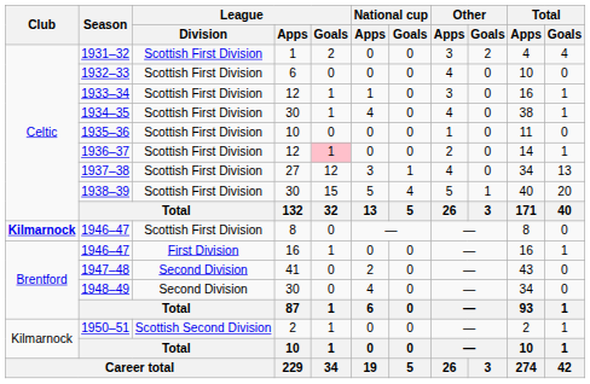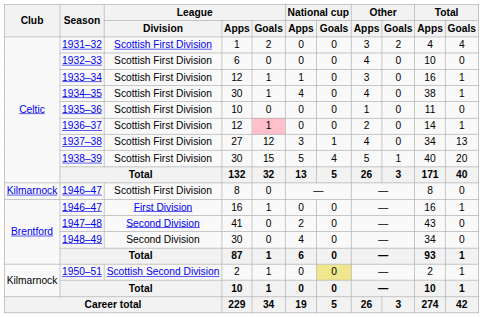 <table class="wikitable" style="text-align: center;">
 <tr>
 <th rowspan="2">Club</th>
 <th rowspan="2">Season</th>
 <th colspan="3">League</th>
 <th colspan="2">National cup</th>
 <th colspan="2">Other</th>
 <th colspan="2">Total</th>
 </tr>
 <tr>
 <th>Division</th>
 <th>Apps</th>
 <th>Goals</th>
 <th>Apps</th>
 <th>Goals</th>
 <th>Apps</th>
 <th>Goals</th>
 <th>Apps</th>
 <th>Goals</th>
 </tr>
 <tr>
 <td rowspan="9"><a href='#'>Celtic</a></td>
 <td><a href='#'>1931–32</a></td>
 <td><a href='#'>Scottish First Division</a></td>
 <td>1</td>
 <td>2</td>
 <td>0</td>
 <td>0</td>
 <td>3</td>
 <td>2</td>
 <td>4</td>
 <td>4</td>
 </tr>
 <tr>
 <td><a href='#'>1932–33</a></td>
 <td>Scottish First Division</td>
 <td>6</td>
 <td>0</td>
 <td>0</td>
 <td>0</td>
 <td>4</td>
 <td>0</td>
 <td>10</td>
 <td>0</td>
 </tr>
 <tr>
 <td><a href='#'>1933–34</a></td>
 <td>Scottish First Division</td>
 <td>12</td>
 <td>1</td>
 <td>1</td>
 <td>0</td>
 <td>3</td>
 <td>0</td>
 <td>16</td>
 <td>1</td>
 </tr>
 <tr>
 <td><a href='#'>1934–35</a></td>
 <td>Scottish First Division</td>
 <td>30</td>
 <td>1</td>
 <td>4</td>
 <td>0</td>
 <td>4</td>
 <td>0</td>
 <td>38</td>
 <td>1</td>
 </tr>
 <tr>
 <td><a href='#'>1935–36</a></td>
 <td>Scottish First Division</td>
 <td>10</td>
 <td>0</td>
 <td>0</td>
 <td>0</td>
 <td>1</td>
 <td>0</td>
 <td>11</td>
 <td>0</td>
 </tr>
 <tr>
 <td><a href='#'>1936–37</a></td>
 <td>Scottish First Division</td>
 <td>12</td>
 <td style="background: pink;">1</td>
 <td>0</td>
 <td>0</td>
 <td>2</td>
 <td>0</td>
 <td>14</td>
 <td>1</td>
 </tr>
 <tr>
 <td><a href='#'>1937–38</a></td>
 <td>Scottish First Division</td>
 <td>27</td>
 <td>12</td>
 <td>3</td>
 <td>1</td>
 <td>4</td>
 <td>0</td>
 <td>34</td>
 <td>13</td>
 </tr>
 <tr>
 <td><a href='#'>1938–39</a></td>
 <td>Scottish First Division</td>
 <td>30</td>
 <td>15</td>
 <td>5</td>
 <td>4</td>
 <td>5</td>
 <td>1</td>
 <td>40</td>
 <td>20</td>
 </tr>
 <tr>
 <th colspan="2">Total</th>
 <th>132</th>
 <th>32</th>
 <th>13</th>
 <th>5</th>
 <th>26</th>
 <th>3</th>
 <th>171</th>
 <th>40</th>
 </tr>
 <tr>
-<td><strong><a href='#'>Kilmarnock</a></strong></td>
+<td><a href='#'>Kilmarnock</a></td>
 <td><a href='#'>1946–47</a></td>
 <td>Scottish First Division</td>
 <td>8</td>
 <td>0</td>
 <td colspan="2">—</td>
 <td colspan="2">—</td>
 <td>8</td>
 <td>0</td>
 </tr>
 <tr>
 <td rowspan="4"><a href='#'>Brentford</a></td>
 <td><a href='#'>1946–47</a></td>
 <td><a href='#'>First Division</a></td>
 <td>16</td>
 <td>1</td>
 <td>0</td>
 <td>0</td>
 <td colspan="2">—</td>
 <td>16</td>
 <td>1</td>
 </tr>
 <tr>
 <td><a href='#'>1947–48</a></td>
 <td><a href='#'>Second Division</a></td>
 <td>41</td>
 <td>0</td>
 <td>2</td>
 <td>0</td>
 <td colspan="2">—</td>
 <td>43</td>
 <td>0</td>
 </tr>
 <tr>
 <td><a href='#'>1948–49</a></td>
 <td>Second Division</td>
 <td>30</td>
 <td>0</td>
 <td>4</td>
 <td>0</td>
 <td colspan="2">—</td>
 <td>34</td>
 <td>0</td>
 </tr>
 <tr>
 <th colspan="2">Total</th>
 <th>87</th>
 <th>1</th>
 <th>6</th>
 <th>0</th>
 <th colspan="2">—</th>
 <th>93</th>
 <th>1</th>
 </tr>
 <tr>
 <td rowspan="2">Kilmarnock</td>
 <td><a href='#'>1950–51</a></td>
 <td><a href='#'>Scottish Second Division</a></td>
 <td>2</td>
 <td>1</td>
 <td>0</td>
-<td>0</td>
+<td style="background: khaki;">0</td>
 <td colspan="2">—</td>
 <td>2</td>
 <td>1</td>
 </tr>
 <tr>
 <th colspan="2">Total</th>
 <th>10</th>
 <th>1</th>
 <th>0</th>
 <th>0</th>
 <th colspan="2">—</th>
 <th>10</th>
 <th>1</th>
 </tr>
 <tr>
 <th colspan="3">Career total</th>
 <th>229</th>
 <th>34</th>
 <th>19</th>
 <th>5</th>
 <th>26</th>
 <th>3</th>
 <th>274</th>
 <th>42</th>
 </tr>
 </table>
